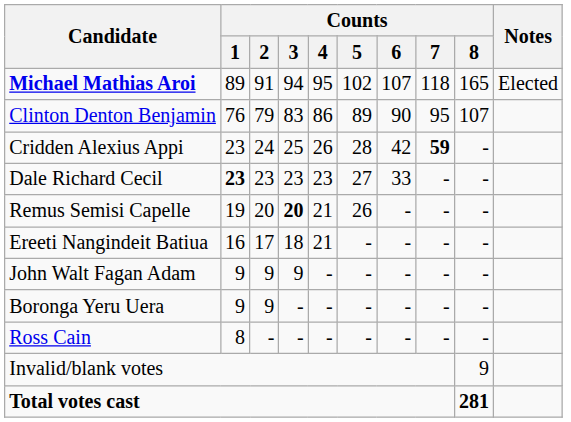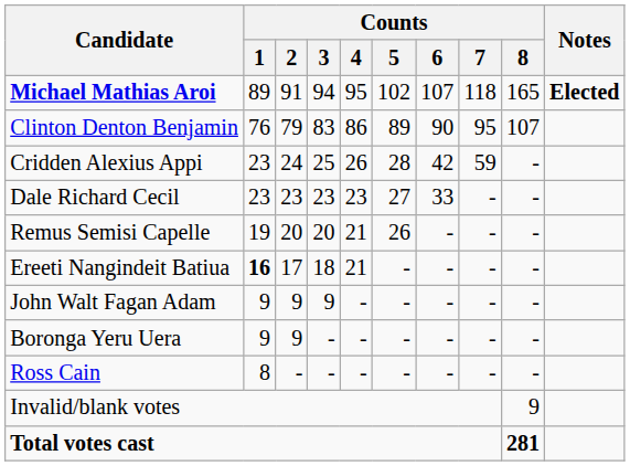 <table class=wikitable style=text-align:right>
 <tr>
 <th rowspan=2>Candidate</th>
 <th colspan=8>Counts</th>
 <th rowspan=2>Notes</th>
 </tr>
 <tr>
 <th>1</th>
 <th>2</th>
 <th>3</th>
 <th>4</th>
 <th>5</th>
 <th>6</th>
 <th>7</th>
 <th>8</th>
 </tr>
 <tr>
 <td align=left><strong><a href='#'>Michael Mathias Aroi</a></strong></td>
 <td>89</td>
 <td>91</td>
 <td>94</td>
 <td>95</td>
 <td>102</td>
 <td>107</td>
 <td>118</td>
 <td>165</td>
-<td align=left>Elected</td>
+<td align=left><strong>Elected</strong></td>
 </tr>
 <tr>
 <td align=left><a href='#'>Clinton Denton Benjamin</a></td>
 <td>76</td>
 <td>79</td>
 <td>83</td>
 <td>86</td>
 <td>89</td>
 <td>90</td>
 <td>95</td>
 <td>107</td>
 <td align=left></td>
 </tr>
 <tr>
 <td align=left>Cridden Alexius Appi</td>
 <td>23</td>
 <td>24</td>
 <td>25</td>
 <td>26</td>
 <td>28</td>
 <td>42</td>
-<td><strong>59</strong></td>
+<td>59</td>
 <td>-</td>
 <td align=left></td>
 </tr>
 <tr>
 <td align=left>Dale Richard Cecil</td>
-<td><strong>23</strong></td>
+<td>23</td>
 <td>23</td>
 <td>23</td>
 <td>23</td>
 <td>27</td>
 <td>33</td>
 <td>-</td>
 <td>-</td>
 <td align=left></td>
 </tr>
 <tr>
 <td align=left>Remus Semisi Capelle</td>
 <td>19</td>
 <td>20</td>
-<td><strong>20</strong></td>
+<td>20</td>
 <td>21</td>
 <td>26</td>
 <td>-</td>
 <td>-</td>
 <td>-</td>
 <td align=left></td>
 </tr>
 <tr>
 <td align=left>Ereeti Nangindeit Batiua</td>
-<td>16</td>
+<td><strong>16</strong></td>
 <td>17</td>
 <td>18</td>
 <td>21</td>
 <td>-</td>
 <td>-</td>
 <td>-</td>
 <td>-</td>
 <td align=left></td>
 </tr>
 <tr>
 <td align=left>John Walt Fagan Adam</td>
 <td>9</td>
 <td>9</td>
 <td>9</td>
 <td>-</td>
 <td>-</td>
 <td>-</td>
 <td>-</td>
 <td>-</td>
 <td align=left></td>
 </tr>
 <tr>
 <td align=left>Boronga Yeru Uera</td>
 <td>9</td>
 <td>9</td>
 <td>-</td>
 <td>-</td>
 <td>-</td>
 <td>-</td>
 <td>-</td>
 <td>-</td>
 <td align=left></td>
 </tr>
 <tr>
 <td align=left><a href='#'>Ross Cain</a></td>
 <td>8</td>
 <td>-</td>
 <td>-</td>
 <td>-</td>
 <td>-</td>
 <td>-</td>
 <td>-</td>
 <td>-</td>
 <td align=left></td>
 </tr>
 <tr>
 <td align=left colspan=8>Invalid/blank votes</td>
 <td>9</td>
 <td></td>
 </tr>
 <tr>
 <td align=left colspan=8><strong>Total votes cast</strong></td>
 <td><strong>281</strong></td>
 <td></td>
 </tr>
 </table>
